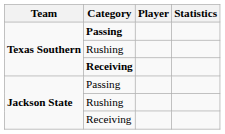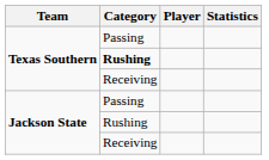 <table class="wikitable" style="float: left;">
 <tr>
 <th>Team</th>
 <th>Category</th>
 <th>Player</th>
 <th>Statistics</th>
 </tr>
 <tr>
 <td rowspan=3><strong>Texas Southern</strong></td>
-<td><strong>Passing</strong></td>
+<td>Passing</td>
 <td></td>
 <td> </td>
 </tr>
 <tr>
-<td>Rushing</td>
+<td><strong>Rushing</strong></td>
 <td></td>
 <td> </td>
 </tr>
 <tr>
-<td><strong>Receiving</strong></td>
+<td>Receiving</td>
 <td></td>
 <td> </td>
 </tr>
 <tr>
 <td rowspan=3><strong>Jackson State</strong></td>
 <td>Passing</td>
 <td></td>
 <td> </td>
 </tr>
 <tr>
 <td>Rushing</td>
 <td></td>
 <td> </td>
 </tr>
 <tr>
 <td>Receiving</td>
 <td></td>
 <td> </td>
 </tr>
 </table>
